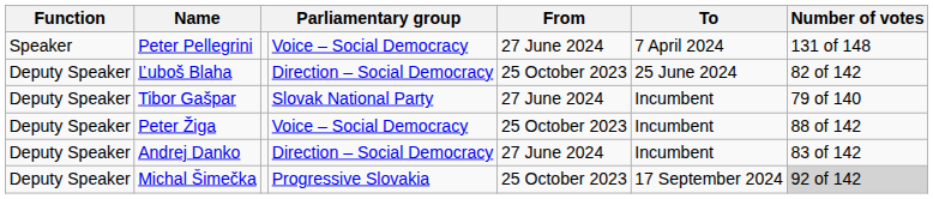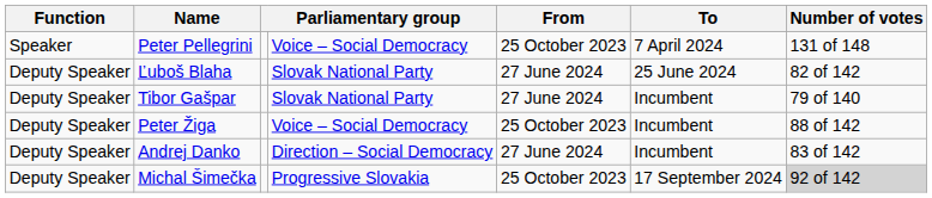 <table class="wikitable">
 <tr>
 <th>Function</th>
 <th>Name</th>
 <th colspan="2">Parliamentary group</th>
 <th>From</th>
 <th>To</th>
 <th>Number of votes</th>
 </tr>
 <tr>
 <td>Speaker</td>
 <td><a href='#'>Peter Pellegrini</a></td>
 <td style="background:"></td>
 <td><a href='#'>Voice – Social Democracy</a></td>
-<td>27 June 2024</td>
+<td>25 October 2023</td>
 <td>7 April 2024</td>
 <td>131 of 148</td>
 </tr>
 <tr>
 <td>Deputy Speaker</td>
 <td><a href='#'>Ľuboš Blaha</a></td>
 <td style="background:"></td>
-<td><a href='#'>Direction – Social Democracy</a></td>
-<td>25 October 2023</td>
+<td><a href='#'>Slovak National Party</a></td>
+<td>27 June 2024</td>
 <td>25 June 2024</td>
 <td>82 of 142</td>
 </tr>
 <tr>
 <td>Deputy Speaker</td>
 <td><a href='#'>Tibor Gašpar</a></td>
 <td style="background:"></td>
 <td><a href='#'>Slovak National Party</a></td>
 <td>27 June 2024</td>
 <td>Incumbent</td>
 <td>79 of 140</td>
 </tr>
 <tr>
 <td>Deputy Speaker</td>
 <td><a href='#'>Peter Žiga</a></td>
 <td style="background:"></td>
 <td><a href='#'>Voice – Social Democracy</a></td>
 <td>25 October 2023</td>
 <td>Incumbent</td>
 <td>88 of 142</td>
 </tr>
 <tr>
 <td>Deputy Speaker</td>
 <td><a href='#'>Andrej Danko</a></td>
 <td style="background:"></td>
 <td><a href='#'>Direction – Social Democracy</a></td>
 <td>27 June 2024</td>
 <td>Incumbent</td>
 <td>83 of 142</td>
 </tr>
 <tr>
 <td>Deputy Speaker</td>
 <td><a href='#'>Michal Šimečka</a></td>
 <td style="background:"></td>
 <td><a href='#'>Progressive Slovakia</a></td>
 <td>25 October 2023</td>
 <td>17 September 2024</td>
 <td style="background: lightgrey;">92 of 142</td>
 </tr>
 </table>
